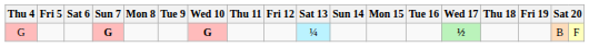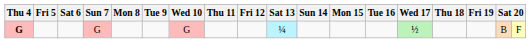 <table class="wikitable" style="margin:0.5em auto; font-size:90%; line-height:1.25em; text-align:center">
 <tr>
 <th>Thu 4</th>
 <th>Fri 5</th>
 <th>Sat 6</th>
 <th>Sun 7</th>
 <th>Mon 8</th>
 <th>Tue 9</th>
 <th>Wed 10</th>
 <th>Thu 11</th>
 <th>Fri 12</th>
 <th>Sat 13</th>
 <th>Sun 14</th>
 <th>Mon 15</th>
 <th>Tue 16</th>
 <th>Wed 17</th>
 <th>Thu 18</th>
 <th colspan="2">Fri 19</th>
 <th colspan="2">Sat 20</th>
 </tr>
 <tr>
+<td bgcolor="#FFBBBB"><strong>G</strong></td>
+<td></td>
+<td></td>
 <td bgcolor="#FFBBBB">G</td>
 <td></td>
 <td></td>
-<td bgcolor="#FFBBBB"><strong>G</strong></td>
-<td></td>
-<td></td>
-<td bgcolor="#FFBBBB"><strong>G</strong></td>
+<td bgcolor="#FFBBBB">G</td>
 <td></td>
 <td></td>
 <td bgcolor="#BBF3FF">¼</td>
 <td></td>
 <td></td>
 <td></td>
-<td bgcolor="#BBF3BB"><strong>½</strong></td>
+<td bgcolor="#BBF3BB">½</td>
 <td></td>
 <td colspan="2"></td>
 <td bgcolor="#FEDCBA">B</td>
 <td bgcolor="#FFFFBB">F</td>
 </tr>
 </table>
